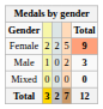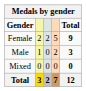 <table class=wikitable style="font-size:85%; float:right;text-align:center">
 <tr bgcolor=EFEFEF>
 <th colspan=6><strong>Medals by gender</strong></th>
 </tr>
 <tr>
 <td><strong>Gender</strong></td>
 <td bgcolor=F7F6A8></td>
 <td bgcolor=DCE5E5></td>
 <td bgcolor=FFDAB9></td>
 <td><strong>Total</strong></td>
 </tr>
 <tr>
 <td>Female</td>
 <td bgcolor=F7F6A8>2</td>
 <td bgcolor=DCE5E5>2</td>
 <td bgcolor=FFDAB9>5</td>
-<td style="background: lightsalmon;"><strong>9</strong></td>
+<td><strong>9</strong></td>
 </tr>
 <tr>
 <td>Male</td>
 <td bgcolor=F7F6A8>1</td>
 <td bgcolor=DCE5E5>0</td>
 <td bgcolor=FFDAB9>2</td>
 <td><strong>3</strong></td>
 </tr>
 <tr>
 <td>Mixed</td>
 <td bgcolor=F7F6A8>0</td>
 <td bgcolor=DCE5E5>0</td>
 <td bgcolor=FFDAB9>0</td>
 <td><strong>0</strong></td>
 </tr>
 <tr>
 <th><strong>Total</strong></th>
 <th style=background:gold><strong>3</strong></th>
 <th style=background:silver><strong>2</strong></th>
 <th style=background:#C96><strong>7</strong></th>
 <th><strong>12</strong></th>
 </tr>
 </table>
